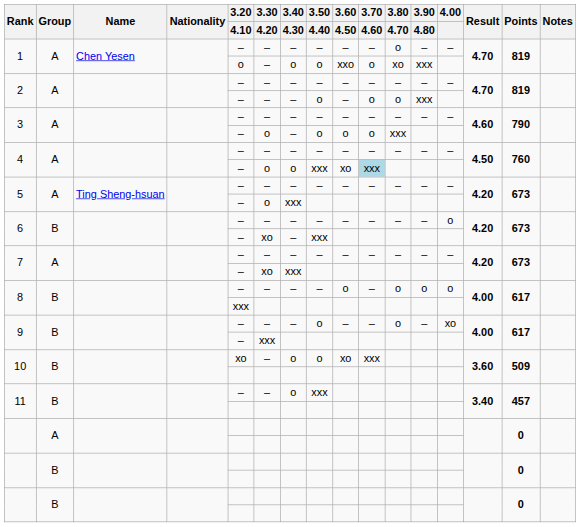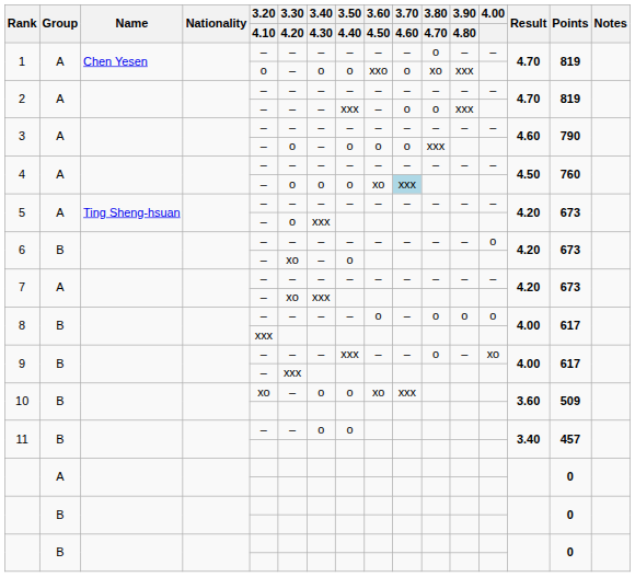 <table class="wikitable sortable" style="text-align:center">
 <tr>
 <th rowspan=2>Rank</th>
 <th rowspan=2>Group</th>
 <th rowspan=2>Name</th>
 <th rowspan=2>Nationality</th>
 <th>3.20</th>
 <th>3.30</th>
 <th>3.40</th>
 <th>3.50</th>
 <th>3.60</th>
 <th>3.70</th>
 <th>3.80</th>
 <th>3.90</th>
 <th>4.00</th>
 <th rowspan=2>Result</th>
 <th rowspan=2>Points</th>
 <th rowspan=2>Notes</th>
 </tr>
 <tr>
 <th class=unsortable>4.10</th>
 <th class=unsortable>4.20</th>
 <th class=unsortable>4.30</th>
 <th class=unsortable>4.40</th>
 <th class=unsortable>4.50</th>
 <th class=unsortable>4.60</th>
 <th class=unsortable>4.70</th>
 <th class=unsortable>4.80</th>
 <th class=unsortable></th>
 </tr>
 <tr>
 <td rowspan=2>1</td>
 <td rowspan=2>A</td>
 <td rowspan=2 align=left><a href='#'>Chen Yesen</a></td>
 <td rowspan=2 align=left></td>
 <td>–</td>
 <td>–</td>
 <td>–</td>
 <td>–</td>
 <td>–</td>
 <td>–</td>
 <td>o</td>
 <td>–</td>
 <td>–</td>
 <td rowspan=2><strong>4.70</strong></td>
 <td rowspan=2><strong>819</strong></td>
 <td rowspan=2></td>
 </tr>
 <tr>
 <td>o</td>
 <td>–</td>
 <td>o</td>
 <td>o</td>
 <td>xxo</td>
 <td>o</td>
 <td>xo</td>
 <td>xxx</td>
 <td></td>
 </tr>
 <tr>
 <td rowspan=2>2</td>
 <td rowspan=2>A</td>
 <td rowspan=2 align=left></td>
 <td rowspan=2 align=left></td>
 <td>–</td>
 <td>–</td>
 <td>–</td>
 <td>–</td>
 <td>–</td>
 <td>–</td>
 <td>–</td>
 <td>–</td>
 <td>–</td>
 <td rowspan=2><strong>4.70</strong></td>
 <td rowspan=2><strong>819</strong></td>
 <td rowspan=2></td>
 </tr>
 <tr>
 <td>–</td>
 <td>–</td>
 <td>–</td>
-<td>o</td>
+<td>xxx</td>
 <td>–</td>
 <td>o</td>
 <td>o</td>
 <td>xxx</td>
 <td></td>
 </tr>
 <tr>
 <td rowspan=2>3</td>
 <td rowspan=2>A</td>
 <td rowspan=2 align=left></td>
 <td rowspan=2 align=left></td>
 <td>–</td>
 <td>–</td>
 <td>–</td>
 <td>–</td>
 <td>–</td>
 <td>–</td>
 <td>–</td>
 <td>–</td>
 <td>–</td>
 <td rowspan=2><strong>4.60</strong></td>
 <td rowspan=2><strong>790</strong></td>
 <td rowspan=2></td>
 </tr>
 <tr>
 <td>–</td>
 <td>o</td>
 <td>–</td>
 <td>o</td>
 <td>o</td>
 <td>o</td>
 <td>xxx</td>
 <td></td>
 <td></td>
 </tr>
 <tr>
 <td rowspan=2>4</td>
 <td rowspan=2>A</td>
 <td rowspan=2 align=left></td>
 <td rowspan=2 align=left></td>
 <td>–</td>
 <td>–</td>
 <td>–</td>
 <td>–</td>
 <td>–</td>
 <td>–</td>
 <td>–</td>
 <td>–</td>
 <td>–</td>
 <td rowspan=2><strong>4.50</strong></td>
 <td rowspan=2><strong>760</strong></td>
 <td rowspan=2></td>
 </tr>
 <tr>
 <td>–</td>
 <td>o</td>
 <td>o</td>
-<td>xxx</td>
+<td>o</td>
 <td>xo</td>
 <td style="background: lightblue;">xxx</td>
 <td></td>
 <td></td>
 <td></td>
 </tr>
 <tr>
 <td rowspan=2>5</td>
 <td rowspan=2>A</td>
 <td rowspan=2 align=left><a href='#'>Ting Sheng-hsuan</a></td>
 <td rowspan=2 align=left></td>
 <td>–</td>
 <td>–</td>
 <td>–</td>
 <td>–</td>
 <td>–</td>
 <td>–</td>
 <td>–</td>
 <td>–</td>
 <td>–</td>
 <td rowspan=2><strong>4.20</strong></td>
 <td rowspan=2><strong>673</strong></td>
 <td rowspan=2></td>
 </tr>
 <tr>
 <td>–</td>
 <td>o</td>
 <td>xxx</td>
 <td></td>
 <td></td>
 <td></td>
 <td></td>
 <td></td>
 <td></td>
 </tr>
 <tr>
 <td rowspan=2>6</td>
 <td rowspan=2>B</td>
 <td rowspan=2 align=left></td>
 <td rowspan=2 align=left></td>
 <td>–</td>
 <td>–</td>
 <td>–</td>
 <td>–</td>
 <td>–</td>
 <td>–</td>
 <td>–</td>
 <td>–</td>
 <td>o</td>
 <td rowspan=2><strong>4.20</strong></td>
 <td rowspan=2><strong>673</strong></td>
 <td rowspan=2></td>
 </tr>
 <tr>
 <td>–</td>
 <td>xo</td>
 <td>–</td>
-<td>xxx</td>
+<td>o</td>
 <td></td>
 <td></td>
 <td></td>
 <td></td>
 <td></td>
 </tr>
 <tr>
 <td rowspan=2>7</td>
 <td rowspan=2>A</td>
 <td rowspan=2 align=left></td>
 <td rowspan=2 align=left></td>
 <td>–</td>
 <td>–</td>
 <td>–</td>
 <td>–</td>
 <td>–</td>
 <td>–</td>
 <td>–</td>
 <td>–</td>
 <td>–</td>
 <td rowspan=2><strong>4.20</strong></td>
 <td rowspan=2><strong>673</strong></td>
 <td rowspan=2></td>
 </tr>
 <tr>
 <td>–</td>
 <td>xo</td>
 <td>xxx</td>
 <td></td>
 <td></td>
 <td></td>
 <td></td>
 <td></td>
 <td></td>
 </tr>
 <tr>
 <td rowspan=2>8</td>
 <td rowspan=2>B</td>
 <td rowspan=2 align=left></td>
 <td rowspan=2 align=left></td>
 <td>–</td>
 <td>–</td>
 <td>–</td>
 <td>–</td>
 <td>o</td>
 <td>–</td>
 <td>o</td>
 <td>o</td>
 <td>o</td>
 <td rowspan=2><strong>4.00</strong></td>
 <td rowspan=2><strong>617</strong></td>
 <td rowspan=2></td>
 </tr>
 <tr>
 <td>xxx</td>
 <td></td>
 <td></td>
 <td></td>
 <td></td>
 <td></td>
 <td></td>
 <td></td>
 <td></td>
 </tr>
 <tr>
 <td rowspan=2>9</td>
 <td rowspan=2>B</td>
 <td rowspan=2 align=left></td>
 <td rowspan=2 align=left></td>
 <td>–</td>
 <td>–</td>
 <td>–</td>
-<td>o</td>
+<td>xxx</td>
 <td>–</td>
 <td>–</td>
 <td>o</td>
 <td>–</td>
 <td>xo</td>
 <td rowspan=2><strong>4.00</strong></td>
 <td rowspan=2><strong>617</strong></td>
 <td rowspan=2></td>
 </tr>
 <tr>
 <td>–</td>
 <td>xxx</td>
 <td></td>
 <td></td>
 <td></td>
 <td></td>
 <td></td>
 <td></td>
 <td></td>
 </tr>
 <tr>
 <td rowspan=2>10</td>
 <td rowspan=2>B</td>
 <td rowspan=2 align=left></td>
 <td rowspan=2 align=left></td>
 <td>xo</td>
 <td>–</td>
 <td>o</td>
 <td>o</td>
 <td>xo</td>
 <td>xxx</td>
 <td></td>
 <td></td>
 <td></td>
 <td rowspan=2><strong>3.60</strong></td>
 <td rowspan=2><strong>509</strong></td>
 <td rowspan=2></td>
 </tr>
 <tr>
 <td> </td>
 <td></td>
 <td></td>
 <td></td>
 <td></td>
 <td></td>
 <td></td>
 <td></td>
 <td></td>
 </tr>
 <tr>
 <td rowspan=2>11</td>
 <td rowspan=2>B</td>
 <td rowspan=2 align=left></td>
 <td rowspan=2 align=left></td>
 <td>–</td>
 <td>–</td>
 <td>o</td>
-<td>xxx</td>
+<td>o</td>
 <td></td>
 <td></td>
 <td></td>
 <td></td>
 <td></td>
 <td rowspan=2><strong>3.40</strong></td>
 <td rowspan=2><strong>457</strong></td>
 <td rowspan=2></td>
 </tr>
 <tr>
 <td> </td>
 <td></td>
 <td></td>
 <td></td>
 <td></td>
 <td></td>
 <td></td>
 <td></td>
 <td></td>
 </tr>
 <tr>
 <td rowspan=2></td>
 <td rowspan=2>A</td>
 <td rowspan=2 align=left></td>
 <td rowspan=2 align=left></td>
 <td> </td>
 <td></td>
 <td></td>
 <td></td>
 <td></td>
 <td></td>
 <td></td>
 <td></td>
 <td></td>
 <td rowspan=2><strong></strong></td>
 <td rowspan=2><strong>0</strong></td>
 <td rowspan=2></td>
 </tr>
 <tr>
 <td> </td>
 <td></td>
 <td></td>
 <td></td>
 <td></td>
 <td></td>
 <td></td>
 <td></td>
 <td></td>
 </tr>
 <tr>
 <td rowspan=2></td>
 <td rowspan=2>B</td>
 <td rowspan=2 align=left></td>
 <td rowspan=2 align=left></td>
 <td> </td>
 <td></td>
 <td></td>
 <td></td>
 <td></td>
 <td></td>
 <td></td>
 <td></td>
 <td></td>
 <td rowspan=2><strong></strong></td>
 <td rowspan=2><strong>0</strong></td>
 <td rowspan=2></td>
 </tr>
 <tr>
 <td> </td>
 <td></td>
 <td></td>
 <td></td>
 <td></td>
 <td></td>
 <td></td>
 <td></td>
 <td></td>
 </tr>
 <tr>
 <td rowspan=2></td>
 <td rowspan=2>B</td>
 <td rowspan=2 align=left></td>
 <td rowspan=2 align=left></td>
 <td> </td>
 <td></td>
 <td></td>
 <td></td>
 <td></td>
 <td></td>
 <td></td>
 <td></td>
 <td></td>
 <td rowspan=2><strong></strong></td>
 <td rowspan=2><strong>0</strong></td>
 <td rowspan=2></td>
 </tr>
 <tr>
 <td> </td>
 <td></td>
 <td></td>
 <td></td>
 <td></td>
 <td></td>
 <td></td>
 <td></td>
 <td></td>
 </tr>
 </table>
